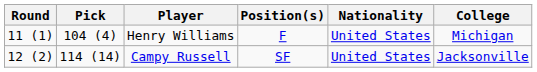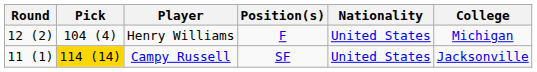 <table class="wikitable sortable sortable">
 <tr>
 <th>Round</th>
 <th>Pick</th>
 <th>Player</th>
 <th>Position(s)</th>
 <th>Nationality</th>
 <th>College</th>
 </tr>
 <tr style="text-align: center">
-<td>11 (1)</td>
+<td>12 (2)</td>
 <td>104 (4)</td>
 <td>Henry Williams</td>
 <td><a href='#'>F</a></td>
 <td> <a href='#'>United States</a></td>
 <td><a href='#'>Michigan</a></td>
 </tr>
 <tr style="text-align: center">
-<td>12 (2)</td>
-<td>114 (14)</td>
+<td>11 (1)</td>
+<td style="background: gold;">114 (14)</td>
 <td><a href='#'>Campy Russell</a></td>
 <td><a href='#'>SF</a></td>
 <td> <a href='#'>United States</a></td>
 <td><a href='#'>Jacksonville</a></td>
 </tr>
 </table>
